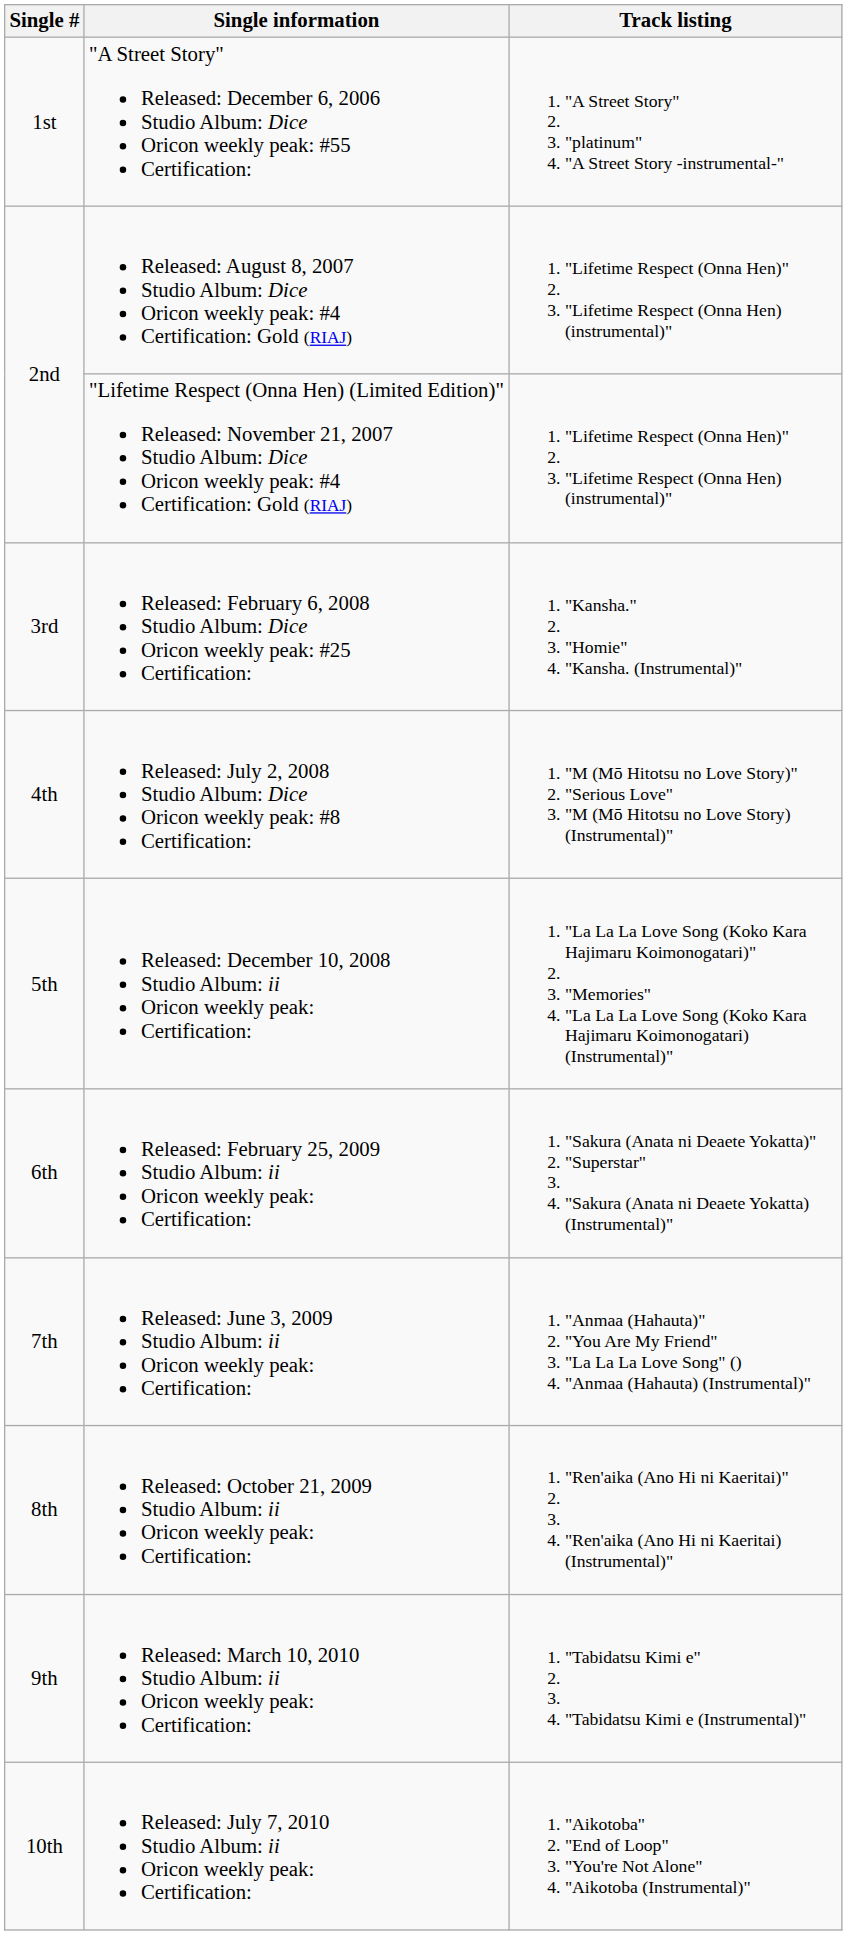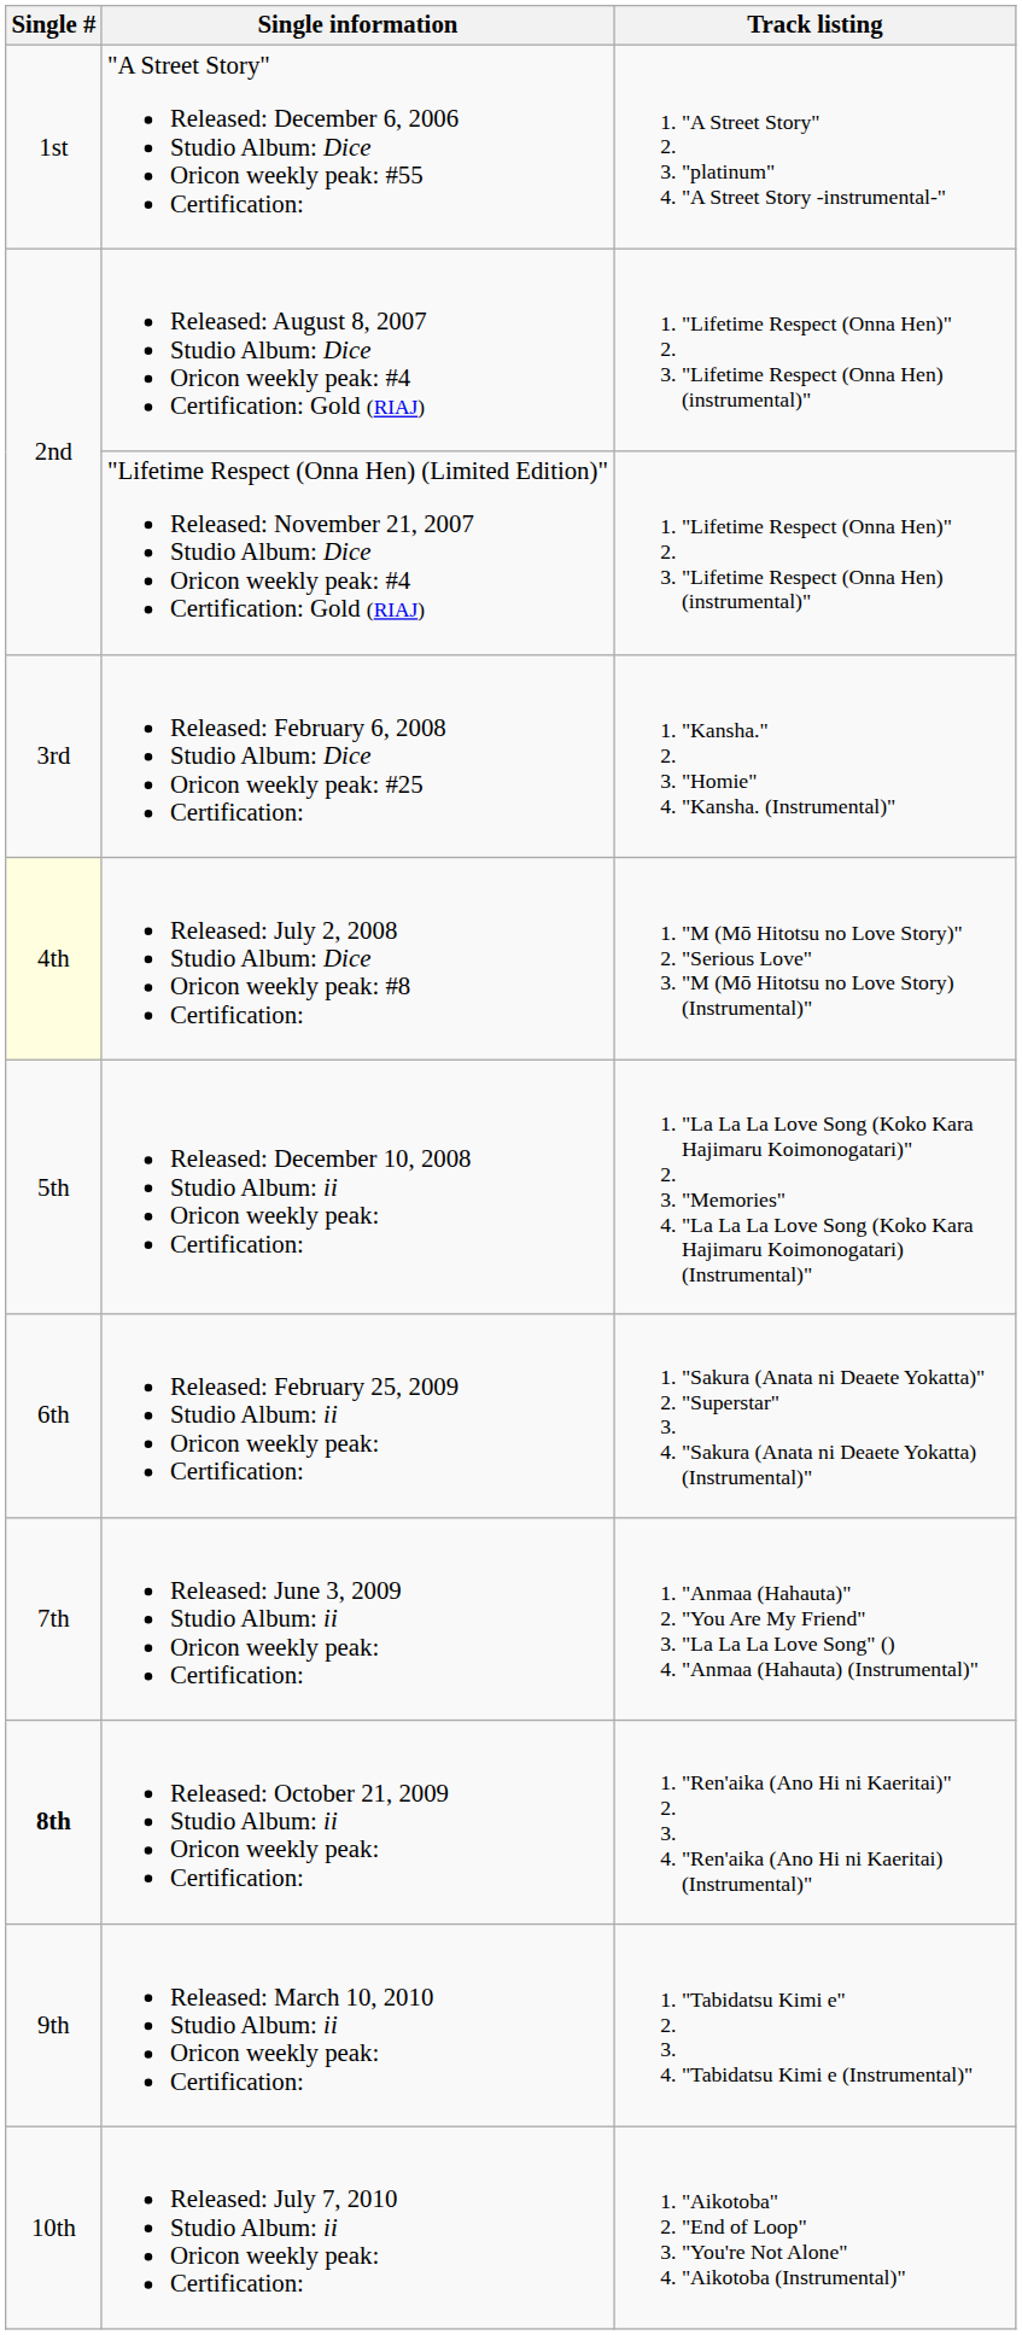 <table class="wikitable">
 <tr>
 <th align="left">Single #</th>
 <th align="left">Single information</th>
 <th align="left">Track listing</th>
 </tr>
 <tr>
 <td align="center">1st</td>
 <td align="left">"A Street Story"<br><ul><li>Released: December 6, 2006</li><li>Studio Album: <em>Dice</em></li><li>Oricon weekly peak: #55</li><li>Certification:</li></ul></td>
 <td align="left" width="250px" style="font-size: 85%;"><br><ol><li>"A Street Story"</li><li></li><li>"platinum"</li><li>"A Street Story -instrumental-"</li></ol></td>
 </tr>
 <tr>
 <td align="center" rowspan="2">2nd</td>
 <td align="left"><br><ul><li>Released: August 8, 2007</li><li>Studio Album: <em>Dice</em></li><li>Oricon weekly peak: #4</li><li>Certification: Gold <small>(<a href='#'>RIAJ</a>)</small></li></ul></td>
 <td align="left" style="font-size: 85%;"><br><ol><li>"Lifetime Respect (Onna Hen)"</li><li></li><li>"Lifetime Respect (Onna Hen) (instrumental)"</li></ol></td>
 </tr>
 <tr>
 <td align="left">"Lifetime Respect (Onna Hen) (Limited Edition)"<br><ul><li>Released: November 21, 2007</li><li>Studio Album: <em>Dice</em></li><li>Oricon weekly peak: #4</li><li>Certification: Gold <small>(<a href='#'>RIAJ</a>)</small></li></ul></td>
 <td align="left" style="font-size: 85%;"><br><ol><li>"Lifetime Respect (Onna Hen)"</li><li></li><li>"Lifetime Respect (Onna Hen) (instrumental)"</li></ol></td>
 </tr>
 <tr>
 <td align="center">3rd</td>
 <td align="left"><br><ul><li>Released: February 6, 2008</li><li>Studio Album: <em>Dice</em></li><li>Oricon weekly peak: #25</li><li>Certification:</li></ul></td>
 <td align="left" style="font-size: 85%;"><br><ol><li>"Kansha."</li><li></li><li>"Homie"</li><li>"Kansha. (Instrumental)"</li></ol></td>
 </tr>
 <tr>
-<td align="center">4th</td>
+<td align="center" style="background: lightyellow;">4th</td>
 <td align="left"><br><ul><li>Released: July 2, 2008</li><li>Studio Album: <em>Dice</em></li><li>Oricon weekly peak: #8</li><li>Certification:</li></ul></td>
 <td align="left" style="font-size: 85%;"><br><ol><li>"M (Mō Hitotsu no Love Story)"</li><li>"Serious Love"</li><li>"M (Mō Hitotsu no Love Story) (Instrumental)"</li></ol></td>
 </tr>
 <tr>
 <td align="center">5th</td>
 <td align="left"><br><ul><li>Released: December 10, 2008</li><li>Studio Album: <em>ii</em></li><li>Oricon weekly peak:</li><li>Certification:</li></ul></td>
 <td align="left" style="font-size: 85%;"><br><ol><li>"La La La Love Song (Koko Kara Hajimaru Koimonogatari)"</li><li></li><li>"Memories"</li><li>"La La La Love Song (Koko Kara Hajimaru Koimonogatari) (Instrumental)"</li></ol></td>
 </tr>
 <tr>
 <td align="center">6th</td>
 <td align="left"><br><ul><li>Released: February 25, 2009</li><li>Studio Album: <em>ii</em></li><li>Oricon weekly peak:</li><li>Certification:</li></ul></td>
 <td align="left" style="font-size: 85%;"><br><ol><li>"Sakura (Anata ni Deaete Yokatta)"</li><li>"Superstar"</li><li></li><li>"Sakura (Anata ni Deaete Yokatta) (Instrumental)"</li></ol></td>
 </tr>
 <tr>
 <td align="center">7th</td>
 <td align="left"><br><ul><li>Released: June 3, 2009</li><li>Studio Album: <em>ii</em></li><li>Oricon weekly peak:</li><li>Certification:</li></ul></td>
 <td align="left" style="font-size: 85%;"><br><ol><li>"Anmaa (Hahauta)"</li><li>"You Are My Friend"</li><li>"La La La Love Song" ()</li><li>"Anmaa (Hahauta) (Instrumental)"</li></ol></td>
 </tr>
 <tr>
-<td align="center">8th</td>
+<td align="center"><strong>8th</strong></td>
 <td align="left"><br><ul><li>Released: October 21, 2009</li><li>Studio Album: <em>ii</em></li><li>Oricon weekly peak:</li><li>Certification:</li></ul></td>
 <td align="left" style="font-size: 85%;"><br><ol><li>"Ren'aika (Ano Hi ni Kaeritai)"</li><li></li><li></li><li>"Ren'aika (Ano Hi ni Kaeritai) (Instrumental)"</li></ol></td>
 </tr>
 <tr>
 <td align="center">9th</td>
 <td align="left"><br><ul><li>Released: March 10, 2010</li><li>Studio Album: <em>ii</em></li><li>Oricon weekly peak:</li><li>Certification:</li></ul></td>
 <td align="left" style="font-size: 85%;"><br><ol><li>"Tabidatsu Kimi e"</li><li></li><li></li><li>"Tabidatsu Kimi e (Instrumental)"</li></ol></td>
 </tr>
 <tr>
 <td align="center">10th</td>
 <td align="left"><br><ul><li>Released: July 7, 2010</li><li>Studio Album: <em>ii</em></li><li>Oricon weekly peak:</li><li>Certification:</li></ul></td>
 <td align="left" style="font-size: 85%;"><br><ol><li>"Aikotoba"</li><li>"End of Loop"</li><li>"You're Not Alone"</li><li>"Aikotoba (Instrumental)"</li></ol></td>
 </tr>
 </table>
